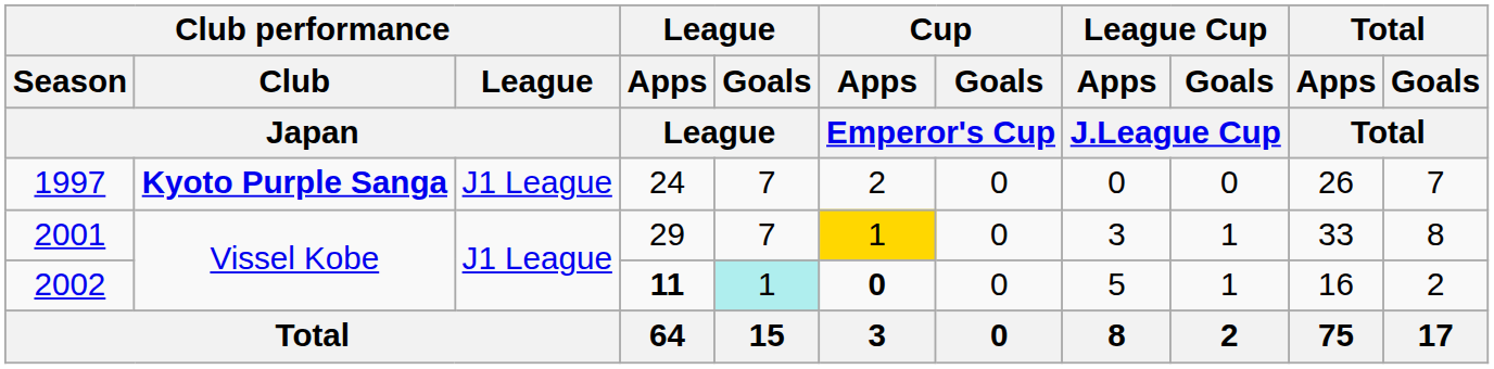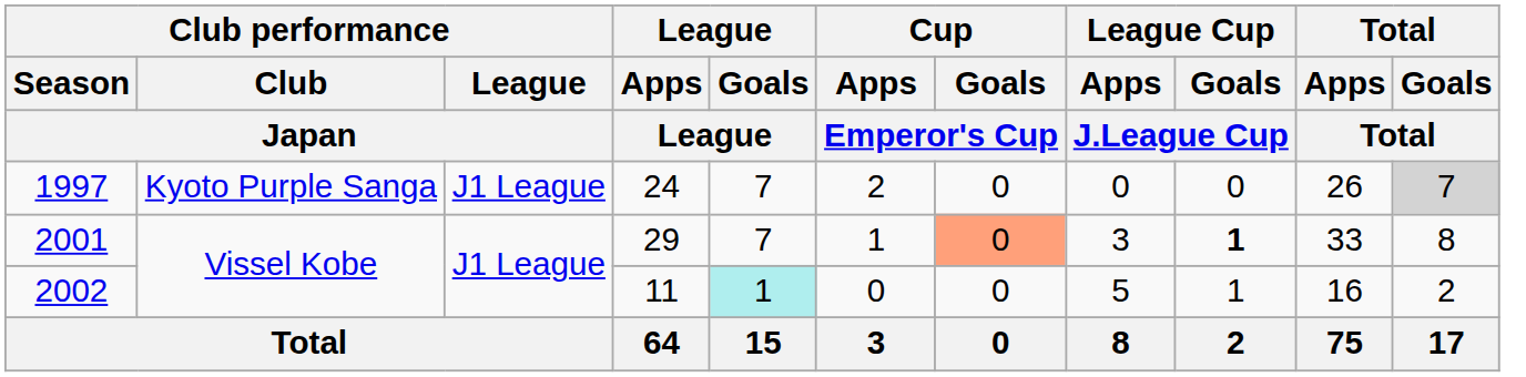 <table class="wikitable" style="text-align:center;">
 <tr>
 <th colspan=3>Club performance</th>
 <th colspan=2>League</th>
 <th colspan=2>Cup</th>
 <th colspan=2>League Cup</th>
 <th colspan=2>Total</th>
 </tr>
 <tr>
 <th>Season</th>
 <th>Club</th>
 <th>League</th>
 <th>Apps</th>
 <th>Goals</th>
 <th>Apps</th>
 <th>Goals</th>
 <th>Apps</th>
 <th>Goals</th>
 <th>Apps</th>
 <th>Goals</th>
 </tr>
 <tr>
 <th colspan=3>Japan</th>
 <th colspan=2>League</th>
 <th colspan=2><a href='#'>Emperor's Cup</a></th>
 <th colspan=2><a href='#'>J.League Cup</a></th>
 <th colspan=2>Total</th>
 </tr>
 <tr>
 <td><a href='#'>1997</a></td>
-<td><strong><a href='#'>Kyoto Purple Sanga</a></strong></td>
+<td><a href='#'>Kyoto Purple Sanga</a></td>
 <td><a href='#'>J1 League</a></td>
 <td>24</td>
 <td>7</td>
 <td>2</td>
 <td>0</td>
 <td>0</td>
 <td>0</td>
 <td>26</td>
-<td>7</td>
+<td style="background: lightgrey;">7</td>
 </tr>
 <tr>
 <td><a href='#'>2001</a></td>
 <td rowspan="2"><a href='#'>Vissel Kobe</a></td>
 <td rowspan="2"><a href='#'>J1 League</a></td>
 <td>29</td>
 <td>7</td>
-<td style="background: gold;">1</td>
-<td>0</td>
+<td>1</td>
+<td style="background: lightsalmon;">0</td>
 <td>3</td>
-<td>1</td>
+<td><strong>1</strong></td>
 <td>33</td>
 <td>8</td>
 </tr>
 <tr>
 <td><a href='#'>2002</a></td>
-<td><strong>11</strong></td>
+<td>11</td>
 <td style="background: paleturquoise;">1</td>
-<td><strong>0</strong></td>
+<td>0</td>
 <td>0</td>
 <td>5</td>
 <td>1</td>
 <td>16</td>
 <td>2</td>
 </tr>
 <tr>
 <th colspan=3>Total</th>
 <th>64</th>
 <th>15</th>
 <th>3</th>
 <th>0</th>
 <th>8</th>
 <th>2</th>
 <th>75</th>
 <th>17</th>
 </tr>
 </table>
